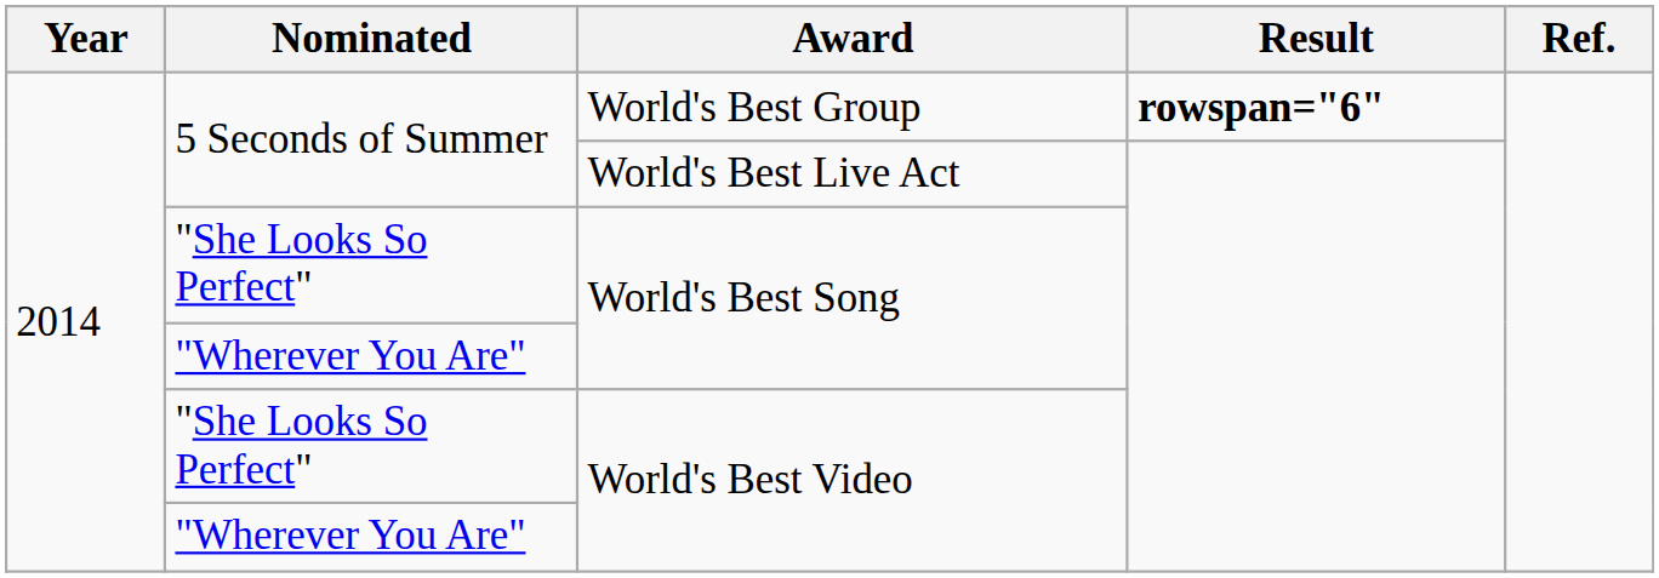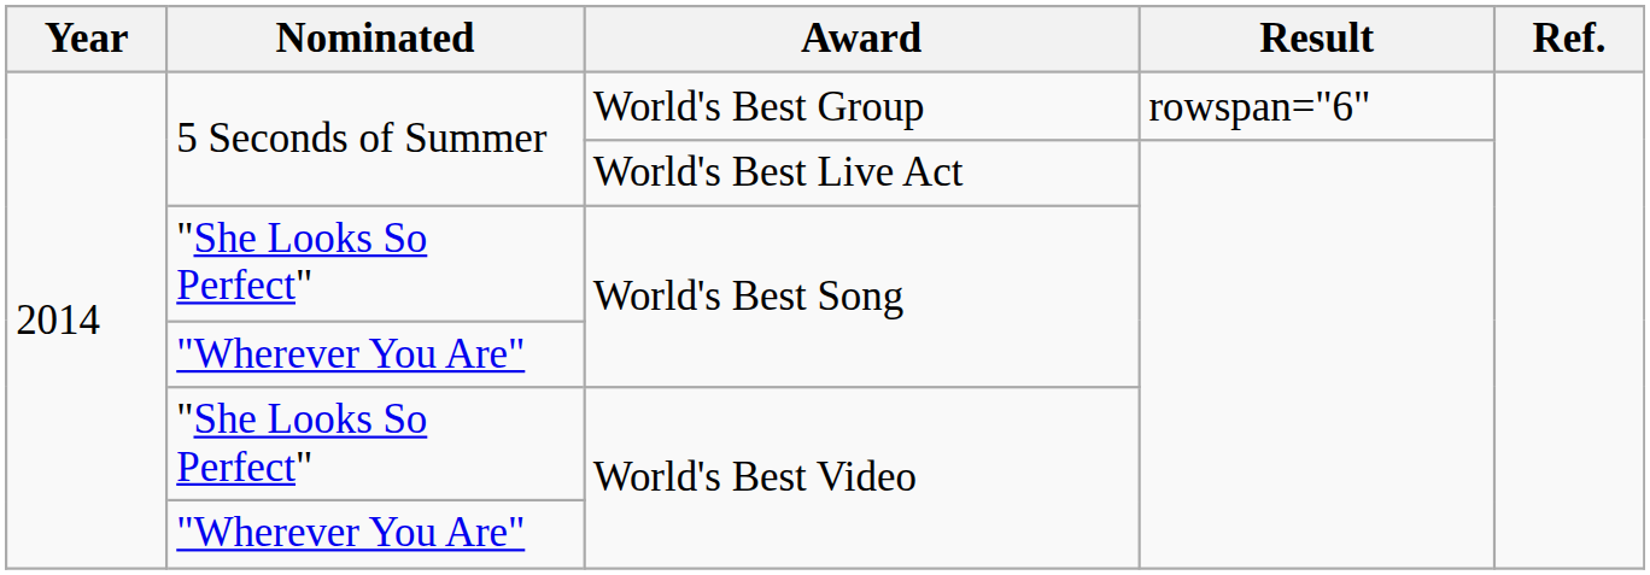 <table class="wikitable" style="width:100%;">
 <tr>
 <th width=5%>Year</th>
 <th style="width:15%;">Nominated</th>
 <th style="width:20%;">Award</th>
 <th style="width:10%;">Result</th>
 <th style="width:5%;">Ref.</th>
 </tr>
 <tr>
 <td rowspan="6">2014</td>
 <td rowspan="2">5 Seconds of Summer</td>
 <td>World's Best Group</td>
-<td><strong>rowspan="6" </strong></td>
+<td>rowspan="6" </td>
 <td rowspan="6"></td>
 </tr>
 <tr>
 <td>World's Best Live Act</td>
 </tr>
 <tr>
 <td>"<a href='#'>She Looks So Perfect</a>"</td>
 <td rowspan="2">World's Best Song</td>
 </tr>
 <tr>
 <td><a href='#'>"Wherever You Are"</a></td>
 </tr>
 <tr>
 <td>"<a href='#'>She Looks So Perfect</a>"</td>
 <td rowspan="2">World's Best Video</td>
 </tr>
 <tr>
 <td><a href='#'>"Wherever You Are"</a></td>
 </tr>
 </table>
